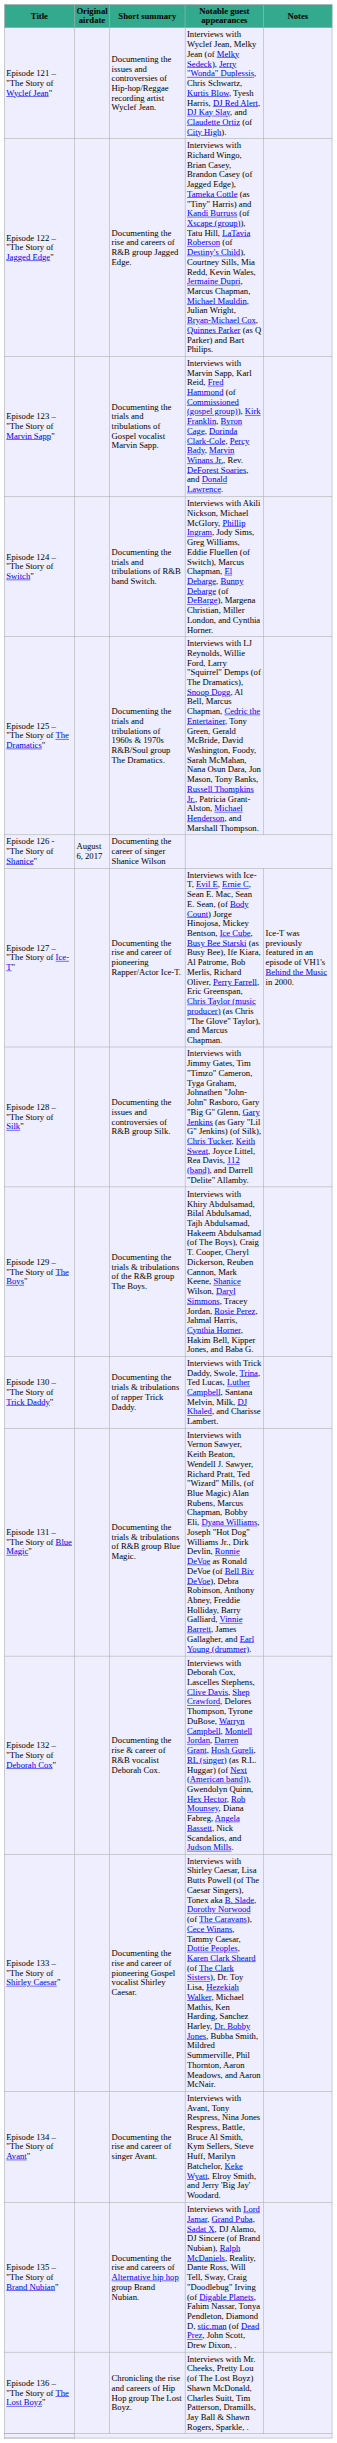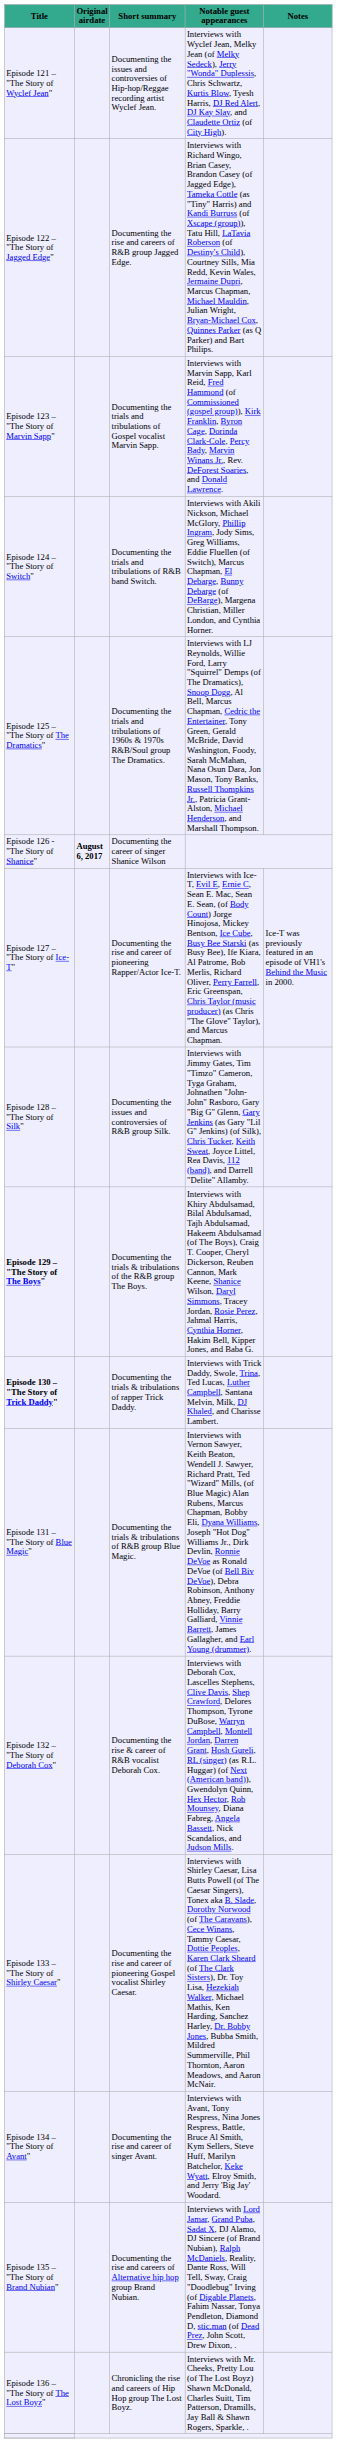 <table class="wikitable" style="background:#EEEEFF">
 <tr>
 <th scope="col" style="background-color: #33A98D" width="220">Title</th>
 <th scope="col" style="background-color: #33A98D" width="40pt">Original airdate</th>
 <th scope="col" style="background-color: #33A98D" width="220">Short summary</th>
 <th scope="col" style="background-color: #33A98D" width="220">Notable guest appearances</th>
 <th scope="col" style="background-color: #33A98D" width="220">Notes</th>
 </tr>
 <tr>
 <td>Episode 121 – "The Story of <a href='#'>Wyclef Jean</a>"</td>
 <td></td>
 <td>Documenting the issues and controversies of Hip-hop/Reggae recording artist Wyclef Jean.</td>
 <td>Interviews with Wyclef Jean, Melky Jean (of <a href='#'>Melky Sedeck</a>), <a href='#'>Jerry "Wonda" Duplessis</a>, Chris Schwartz, <a href='#'>Kurtis Blow</a>, Tyesh Harris, <a href='#'>DJ Red Alert</a>, <a href='#'>DJ Kay Slay</a>, and <a href='#'>Claudette Ortiz</a> (of <a href='#'>City High</a>).</td>
 <td></td>
 </tr>
 <tr>
 <td>Episode 122 – "The Story of <a href='#'>Jagged Edge</a>"</td>
 <td></td>
 <td>Documenting the rise and careers of R&B group Jagged Edge.</td>
 <td>Interviews with Richard Wingo, Brian Casey, Brandon Casey (of Jagged Edge), <a href='#'>Tameka Cottle</a> (as "Tiny" Harris) and <a href='#'>Kandi Burruss</a> (of <a href='#'>Xscape (group)</a>), Tatu Hill, <a href='#'>LaTavia Roberson</a> (of <a href='#'>Destiny's Child</a>), Courtney Sills, Mia Redd, Kevin Wales, <a href='#'>Jermaine Dupri</a>, Marcus Chapman, <a href='#'>Michael Mauldin</a>, Julian Wright, <a href='#'>Bryan-Michael Cox</a>, <a href='#'>Quinnes Parker</a> (as Q Parker) and Bart Philips.</td>
 <td></td>
 </tr>
 <tr>
 <td>Episode 123 – "The Story of <a href='#'>Marvin Sapp</a>"</td>
 <td></td>
 <td>Documenting the trials and tribulations of Gospel vocalist Marvin Sapp.</td>
 <td>Interviews with Marvin Sapp, Karl Reid, <a href='#'>Fred Hammond</a> (of <a href='#'>Commissioned (gospel group)</a>), <a href='#'>Kirk Franklin</a>, <a href='#'>Byron Cage</a>, <a href='#'>Dorinda Clark-Cole</a>, <a href='#'>Percy Bady</a>, <a href='#'>Marvin Winans Jr.</a>, Rev. <a href='#'>DeForest Soaries</a>, and <a href='#'>Donald Lawrence</a>.</td>
 <td></td>
 </tr>
 <tr>
 <td>Episode 124 – "The Story of <a href='#'>Switch</a>"</td>
 <td></td>
 <td>Documenting the trials and tribulations of R&B band Switch.</td>
 <td>Interviews with Akili Nickson, Michael McGlory, <a href='#'>Phillip Ingram</a>, Jody Sims, Greg Williams, Eddie Fluellen (of Switch), Marcus Chapman, <a href='#'>El Debarge</a>, <a href='#'>Bunny Debarge</a> (of <a href='#'>DeBarge</a>), Margena Christian, Miller London, and Cynthia Horner.</td>
 <td></td>
 </tr>
 <tr>
 <td>Episode 125 – "The Story of <a href='#'>The Dramatics</a>"</td>
 <td></td>
 <td>Documenting the trials and tribulations of 1960s & 1970s R&B/Soul group The Dramatics.</td>
 <td>Interviews with LJ Reynolds, Willie Ford, Larry "Squirrel" Demps (of The Dramatics), <a href='#'>Snoop Dogg</a>, Al Bell, Marcus Chapman, <a href='#'>Cedric the Entertainer</a>, Tony Green, Gerald McBride, David Washington, Foody, Sarah McMahan, Nana Osun Dara, Jon Mason, Tony Banks, <a href='#'>Russell Thompkins Jr.</a>, Patricia Grant-Alston, <a href='#'>Michael Henderson</a>, and Marshall Thompson.</td>
 <td></td>
 </tr>
 <tr>
 <td>Episode 126 - "The Story of <a href='#'>Shanice</a>"</td>
-<td>August 6, 2017</td>
+<td><strong>August 6, 2017</strong></td>
 <td>Documenting the career of singer Shanice Wilson</td>
 </tr>
 <tr>
 <td>Episode 127 – "The Story of <a href='#'>Ice-T</a>"</td>
 <td></td>
 <td>Documenting the rise and career of pioneering Rapper/Actor Ice-T.</td>
 <td>Interviews with Ice-T, <a href='#'>Evil E</a>, <a href='#'>Ernie C</a>, Sean E. Mac, Sean E. Sean, (of <a href='#'>Body Count</a>) Jorge Hinojosa, Mickey Bentson, <a href='#'>Ice Cube</a>, <a href='#'>Busy Bee Starski</a> (as Busy Bee), Ife Kiara, Al Patrome, Bob Merlis, Richard Oliver, <a href='#'>Perry Farrell</a>, Eric Greenspan, <a href='#'>Chris Taylor (music producer)</a> (as Chris "The Glove" Taylor), and Marcus Chapman.</td>
 <td>Ice-T was previously featured in an episode of VH1's <a href='#'>Behind the Music</a> in 2000.</td>
 </tr>
 <tr>
 <td>Episode 128 – "The Story of <a href='#'>Silk</a>"</td>
 <td></td>
 <td>Documenting the issues and controversies of R&B group Silk.</td>
 <td>Interviews with Jimmy Gates, Tim "Timzo" Cameron, Tyga Graham, Johnathen "John-John" Rasboro, Gary "Big G" Glenn, <a href='#'>Gary Jenkins</a> (as Gary "Lil G" Jenkins) (of Silk), <a href='#'>Chris Tucker</a>, <a href='#'>Keith Sweat</a>, Joyce Littel, Rea Davis, <a href='#'>112 (band)</a>, and Darrell "Delite" Allamby.</td>
 <td></td>
 </tr>
 <tr>
-<td>Episode 129 – "The Story of <a href='#'>The Boys</a>"</td>
+<td><strong>Episode 129 – "The Story of <a href='#'>The Boys</a>"</strong></td>
 <td></td>
 <td>Documenting the trials & tribulations of the R&B group The Boys.</td>
 <td>Interviews with Khiry Abdulsamad, Bilal Abdulsamad, Tajh Abdulsamad, Hakeem Abdulsamad (of The Boys), Craig T. Cooper, Cheryl Dickerson, Reuben Cannon, Mark Keene, <a href='#'>Shanice</a> Wilson, <a href='#'>Daryl Simmons</a>, Tracey Jordan, <a href='#'>Rosie Perez</a>, Jahmal Harris, <a href='#'>Cynthia Horner</a>, Hakim Bell, Kipper Jones, and Baba G.</td>
 <td></td>
 </tr>
 <tr>
-<td>Episode 130 – "The Story of <a href='#'>Trick Daddy</a>"</td>
+<td><strong>Episode 130 – "The Story of <a href='#'>Trick Daddy</a>"</strong></td>
 <td></td>
 <td>Documenting the trials & tribulations of rapper Trick Daddy.</td>
 <td>Interviews with Trick Daddy, Swole, <a href='#'>Trina</a>, Ted Lucas, <a href='#'>Luther Campbell</a>, Santana Melvin, Milk, <a href='#'>DJ Khaled</a>, and Charisse Lambert.</td>
 <td></td>
 </tr>
 <tr>
 <td>Episode 131 – "The Story of <a href='#'>Blue Magic</a>"</td>
 <td></td>
 <td>Documenting the trials & tribulations of R&B group Blue Magic.</td>
 <td>Interviews with Vernon Sawyer, Keith Beaton, Wendell J. Sawyer, Richard Pratt, Ted "Wizard" Mills, (of Blue Magic) Alan Rubens, Marcus Chapman, Bobby Eli, <a href='#'>Dyana Williams</a>, Joseph "Hot Dog" Williams Jr., Dirk Devlin, <a href='#'>Ronnie DeVoe</a> as Ronald DeVoe (of <a href='#'>Bell Biv DeVoe</a>), Debra Robinson, Anthony Abney, Freddie Holliday, Barry Galliard, <a href='#'>Vinnie Barrett</a>, James Gallagher, and <a href='#'>Earl Young (drummer)</a>.</td>
 <td></td>
 </tr>
 <tr>
 <td>Episode 132 – "The Story of <a href='#'>Deborah Cox</a>"</td>
 <td></td>
 <td>Documenting the rise & career of R&B vocalist Deborah Cox.</td>
 <td>Interviews with Deborah Cox, Lascelles Stephens, <a href='#'>Clive Davis</a>, <a href='#'>Shep Crawford</a>, Delores Thompson, Tyrone DuBose, <a href='#'>Warryn Campbell</a>, <a href='#'>Montell Jordan</a>, <a href='#'>Darren Grant</a>, <a href='#'>Hosh Gureli</a>, <a href='#'>RL (singer)</a> (as R.L. Huggar) (of <a href='#'>Next (American band)</a>), Gwendolyn Quinn, <a href='#'>Hex Hector</a>, <a href='#'>Rob Mounsey</a>, Diana Fabreg, <a href='#'>Angela Bassett</a>, Nick Scandalios, and <a href='#'>Judson Mills</a>.</td>
 <td></td>
 </tr>
 <tr>
 <td>Episode 133 – "The Story of <a href='#'>Shirley Caesar</a>"</td>
 <td></td>
 <td>Documenting the rise and career of pioneering Gospel vocalist Shirley Caesar.</td>
 <td>Interviews with Shirley Caesar, Lisa Butts Powell (of The Caesar Singers), Tonex aka <a href='#'>B. Slade</a>, <a href='#'>Dorothy Norwood</a> (of <a href='#'>The Caravans</a>), <a href='#'>Cece Winans</a>, Tammy Caesar, <a href='#'>Dottie Peoples</a>, <a href='#'>Karen Clark Sheard</a> (of <a href='#'>The Clark Sisters</a>), Dr. Toy Lisa, <a href='#'>Hezekiah Walker</a>, Michael Mathis, Ken Harding, Sanchez Harley, <a href='#'>Dr. Bobby Jones</a>, Bubba Smith, Mildred Summerville, Phil Thornton, Aaron Meadows, and Aaron McNair.</td>
 <td></td>
 </tr>
 <tr>
 <td>Episode 134 – "The Story of <a href='#'>Avant</a>"</td>
 <td></td>
 <td>Documenting the rise and career of singer Avant.</td>
 <td>Interviews with Avant, Tony Respress, Nina Jones Respress, Battle, Bruce Al Smith, Kym Sellers, Steve Huff, Marilyn Batchelor, <a href='#'>Keke Wyatt</a>, Elroy Smith, and Jerry 'Big Jay' Woodard.</td>
 <td></td>
 </tr>
 <tr>
 <td>Episode 135 – "The Story of <a href='#'>Brand Nubian</a>"</td>
 <td></td>
 <td>Documenting the rise and careers of <a href='#'>Alternative hip hop</a> group Brand Nubian.</td>
 <td>Interviews with <a href='#'>Lord Jamar</a>, <a href='#'>Grand Puba</a>, <a href='#'>Sadat X</a>, DJ Alamo, DJ Sincere (of Brand Nubian), <a href='#'>Ralph McDaniels</a>, Reality, Dante Ross, Will Tell, Sway, Craig "Doodlebug" Irving (of <a href='#'>Digable Planets</a>, Fahim Nassar, Tonya Pendleton, Diamond D, <a href='#'>stic.man</a> (of <a href='#'>Dead Prez</a>, John Scott, Drew Dixon, .</td>
 <td></td>
 </tr>
 <tr>
 <td>Episode 136 – "The Story of <a href='#'>The Lost Boyz</a>"</td>
 <td></td>
 <td>Chronicling the rise and careers of Hip Hop group The Lost Boyz.</td>
 <td>Interviews with Mr. Cheeks, Pretty Lou (of The Lost Boyz) Shawn McDonald, Charles Suitt, Tim Patterson, Dramills, Jay Ball & Shawn Rogers, Sparkle, .</td>
 <td></td>
 </tr>
 <tr>
 </tr>
 <tr>
 </tr>
 <tr }>
 <td></td>
 </tr>
 <tr>
 </tr>
 </table>
